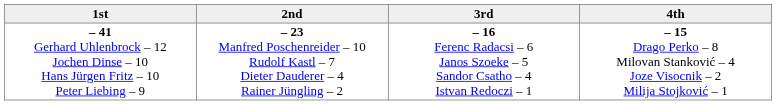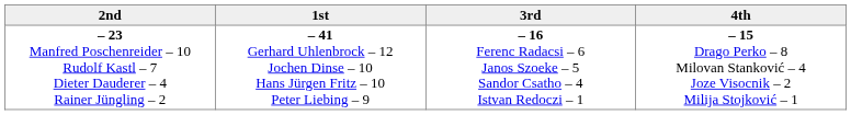 <table border=1 cellpadding=2 cellspacing=0 width=75% style="border-collapse:collapse">
 <tr align=center style="background:#efefef;">
+<th width=20% >2nd</th>
 <th width=20% >1st</th>
-<th width=20% >2nd</th>
 <th width=20% >3rd</th>
 <th width=20%>4th</th>
 </tr>
 <tr align=center>
+<td valign=top ><strong> – 23</strong><br><a href='#'>Manfred Poschenreider</a> – 10<br><a href='#'>Rudolf Kastl</a> – 7<br><a href='#'>Dieter Dauderer</a> – 4<br><a href='#'>Rainer Jüngling</a> – 2</td>
 <td valign=top ><strong> – 41</strong><br><a href='#'>Gerhard Uhlenbrock</a> – 12<br><a href='#'>Jochen Dinse</a> – 10<br><a href='#'>Hans Jürgen Fritz</a> – 10<br><a href='#'>Peter Liebing</a> – 9</td>
-<td valign=top ><strong> – 23</strong><br><a href='#'>Manfred Poschenreider</a> – 10<br><a href='#'>Rudolf Kastl</a> – 7<br><a href='#'>Dieter Dauderer</a> – 4<br><a href='#'>Rainer Jüngling</a> – 2</td>
 <td valign=top ><strong> – 16</strong><br><a href='#'>Ferenc Radacsi</a> – 6<br><a href='#'>Janos Szoeke</a> – 5<br><a href='#'>Sandor Csatho</a> – 4<br><a href='#'>Istvan Redoczi</a> – 1</td>
 <td valign=top><strong> – 15</strong><br><a href='#'>Drago Perko</a> – 8<br>Milovan Stanković – 4<br><a href='#'>Joze Visocnik</a> – 2<br><a href='#'>Milija Stojković</a> – 1</td>
 </tr>
 </table>
